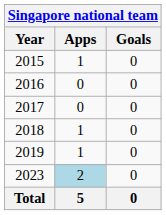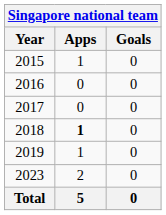 <table class="wikitable" style="text-align:center">
 <tr>
 <th colspan=3><a href='#'>Singapore national team</a></th>
 </tr>
 <tr>
 <th>Year</th>
 <th>Apps</th>
 <th>Goals</th>
 </tr>
 <tr>
 <td>2015</td>
 <td>1</td>
 <td>0</td>
 </tr>
 <tr>
 <td>2016</td>
 <td>0</td>
 <td>0</td>
 </tr>
 <tr>
 <td>2017</td>
 <td>0</td>
 <td>0</td>
 </tr>
 <tr>
 <td>2018</td>
-<td>1</td>
+<td><strong>1</strong></td>
 <td>0</td>
 </tr>
 <tr>
 <td>2019</td>
 <td>1</td>
 <td>0</td>
 </tr>
 <tr>
 <td>2023</td>
-<td style="background: lightblue;">2</td>
+<td>2</td>
 <td>0</td>
 </tr>
 <tr>
 <th>Total</th>
 <th>5</th>
 <th>0</th>
 </tr>
 </table>
